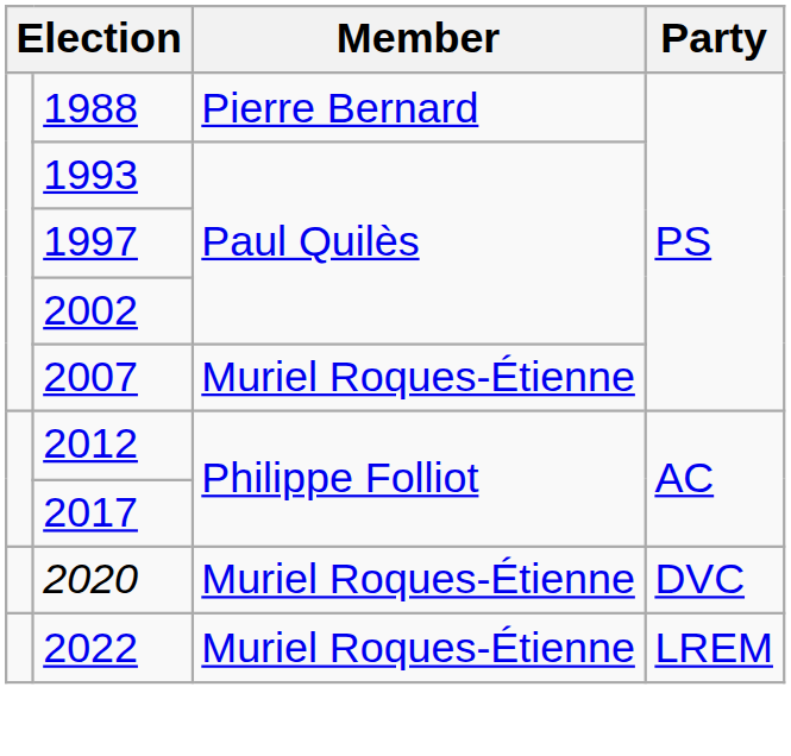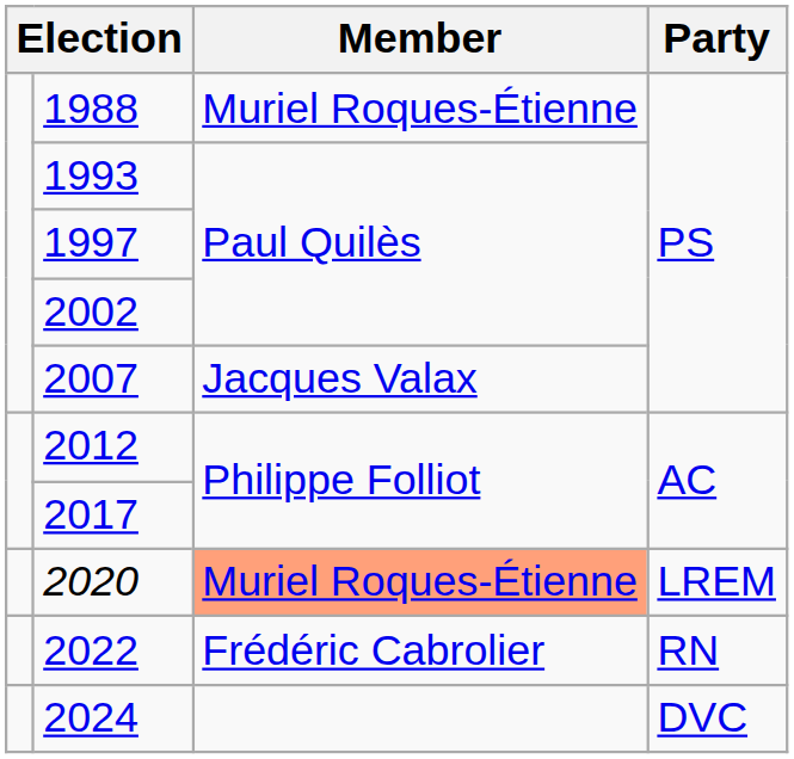 <table class="wikitable">
 <tr>
 <th colspan=2>Election</th>
 <th>Member</th>
 <th>Party</th>
 </tr>
 <tr>
 <td rowspan="5" style="background-color: "></td>
 <td><a href='#'>1988</a></td>
-<td><a href='#'>Pierre Bernard</a></td>
+<td><a href='#'>Muriel Roques-Étienne</a></td>
 <td rowspan="5"><a href='#'>PS</a></td>
 </tr>
 <tr>
 <td><a href='#'>1993</a></td>
 <td rowspan="3"><a href='#'>Paul Quilès</a></td>
 </tr>
 <tr>
 <td><a href='#'>1997</a></td>
 </tr>
 <tr>
 <td><a href='#'>2002</a></td>
 </tr>
 <tr>
 <td><a href='#'>2007</a></td>
-<td><a href='#'>Muriel Roques-Étienne</a></td>
+<td><a href='#'>Jacques Valax</a></td>
 </tr>
 <tr>
 <td rowspan="2" style="background-color: "></td>
 <td><a href='#'>2012</a></td>
 <td rowspan="2"><a href='#'>Philippe Folliot</a></td>
 <td rowspan="2"><a href='#'>AC</a></td>
 </tr>
 <tr>
 <td><a href='#'>2017</a></td>
 </tr>
 <tr>
 <td style="background-color: "></td>
 <td><em>2020</em></td>
-<td><a href='#'>Muriel Roques-Étienne</a></td>
-<td><a href='#'>DVC</a></td>
+<td style="background: lightsalmon;"><a href='#'>Muriel Roques-Étienne</a></td>
+<td><a href='#'>LREM</a></td>
 </tr>
 <tr>
 <td style="background-color: "></td>
 <td><a href='#'>2022</a></td>
-<td><a href='#'>Muriel Roques-Étienne</a></td>
-<td><a href='#'>LREM</a></td>
+<td><a href='#'>Frédéric Cabrolier</a></td>
+<td><a href='#'>RN</a></td>
+</tr>
+<tr>
+<td style="background-color: "></td>
+<td><a href='#'>2024</a></td>
+<td></td>
+<td><a href='#'>DVC</a></td>
 </tr>
 </table>
